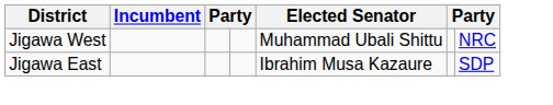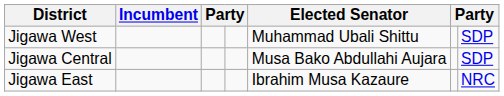 <table class="sortable wikitable" style="font-size:95%;line-height:14px;">
 <tr>
 <th class="unsortable">District</th>
 <th class="unsortable"><a href='#'>Incumbent</a></th>
 <th colspan="2">Party</th>
 <th class="unsortable">Elected Senator</th>
 <th colspan="2">Party</th>
 </tr>
 <tr>
 <td>Jigawa West</td>
 <td></td>
 <td></td>
 <td></td>
 <td>Muhammad Ubali Shittu</td>
 <td style="background:"></td>
-<td><a href='#'>NRC</a></td>
+<td><a href='#'>SDP</a></td>
+</tr>
+<tr>
+<td>Jigawa Central</td>
+<td></td>
+<td></td>
+<td></td>
+<td>Musa Bako Abdullahi Aujara</td>
+<td style="background:"></td>
+<td><a href='#'>SDP</a></td>
 </tr>
 <tr>
 <td>Jigawa East</td>
 <td></td>
 <td></td>
 <td></td>
 <td>Ibrahim Musa Kazaure</td>
 <td style="background:"></td>
-<td><a href='#'>SDP</a></td>
+<td><a href='#'>NRC</a></td>
 </tr>
 </table>
